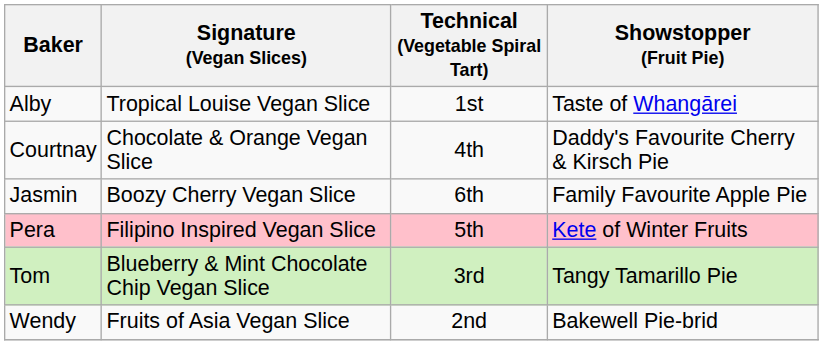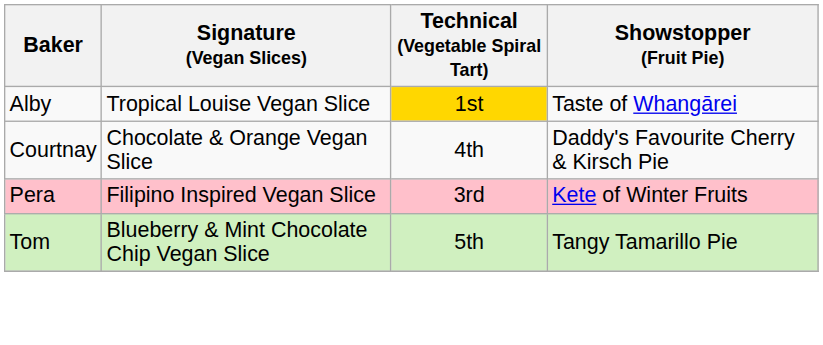 <table class="wikitable" style="text-align:center;">
 <tr>
 <th>Baker</th>
 <th>Signature<br><small>(Vegan Slices)</small></th>
 <th>Technical<br><small>(Vegetable Spiral Tart)</small></th>
 <th>Showstopper<br><small>(Fruit Pie)</small></th>
 </tr>
 <tr>
 <td align="left">Alby</td>
 <td align="left">Tropical Louise Vegan Slice</td>
-<td>1st</td>
+<td style="background: gold;">1st</td>
 <td align="left">Taste of <a href='#'>Whangārei</a></td>
 </tr>
 <tr>
 <td align="left">Courtnay</td>
 <td align="left">Chocolate & Orange Vegan Slice</td>
 <td>4th</td>
 <td align="left">Daddy's Favourite Cherry & Kirsch Pie</td>
 </tr>
-<tr>
-<td align="left">Jasmin</td>
-<td align="left">Boozy Cherry Vegan Slice</td>
-<td>6th</td>
-<td align="left">Family Favourite Apple Pie</td>
-</tr>
 <tr style="background:pink;">
 <td align="left">Pera</td>
 <td align="left">Filipino Inspired Vegan Slice</td>
-<td>5th</td>
+<td>3rd</td>
 <td align="left"><a href='#'>Kete</a> of Winter Fruits</td>
 </tr>
 <tr style="background:#d0f0c0;">
 <td align="left">Tom</td>
 <td align="left">Blueberry & Mint Chocolate Chip Vegan Slice</td>
-<td>3rd</td>
+<td>5th</td>
 <td align="left">Tangy Tamarillo Pie</td>
-</tr>
-<tr>
-<td align="left">Wendy</td>
-<td align="left">Fruits of Asia Vegan Slice</td>
-<td>2nd</td>
-<td align="left">Bakewell Pie-brid</td>
 </tr>
 <tr>
 </tr>
 </table>
